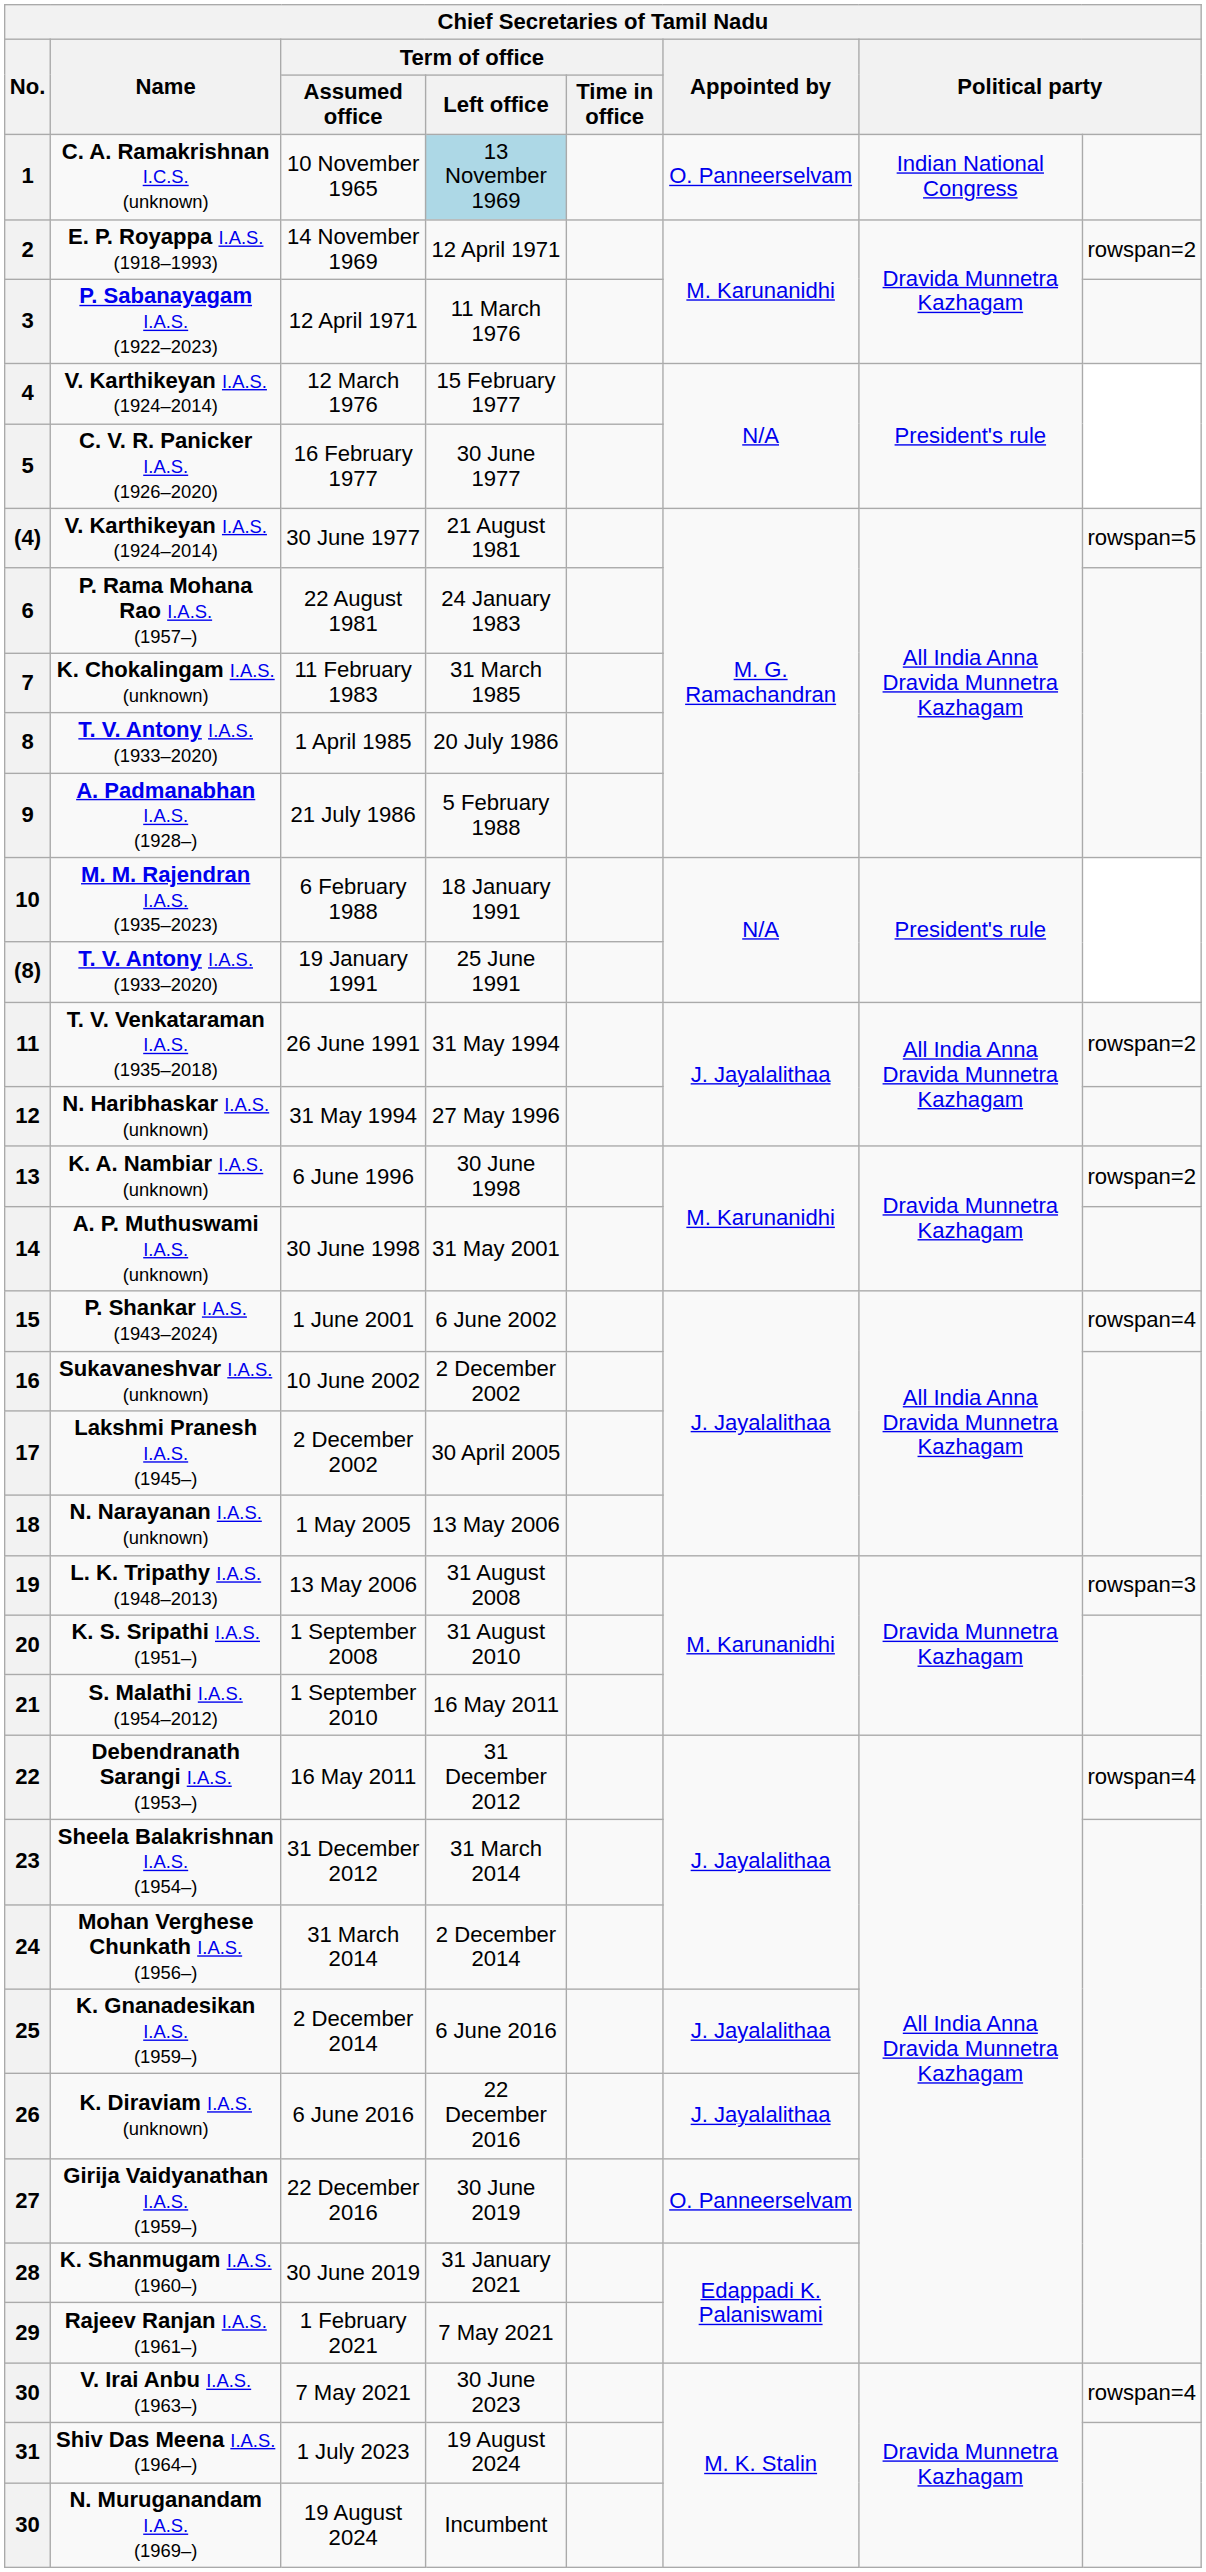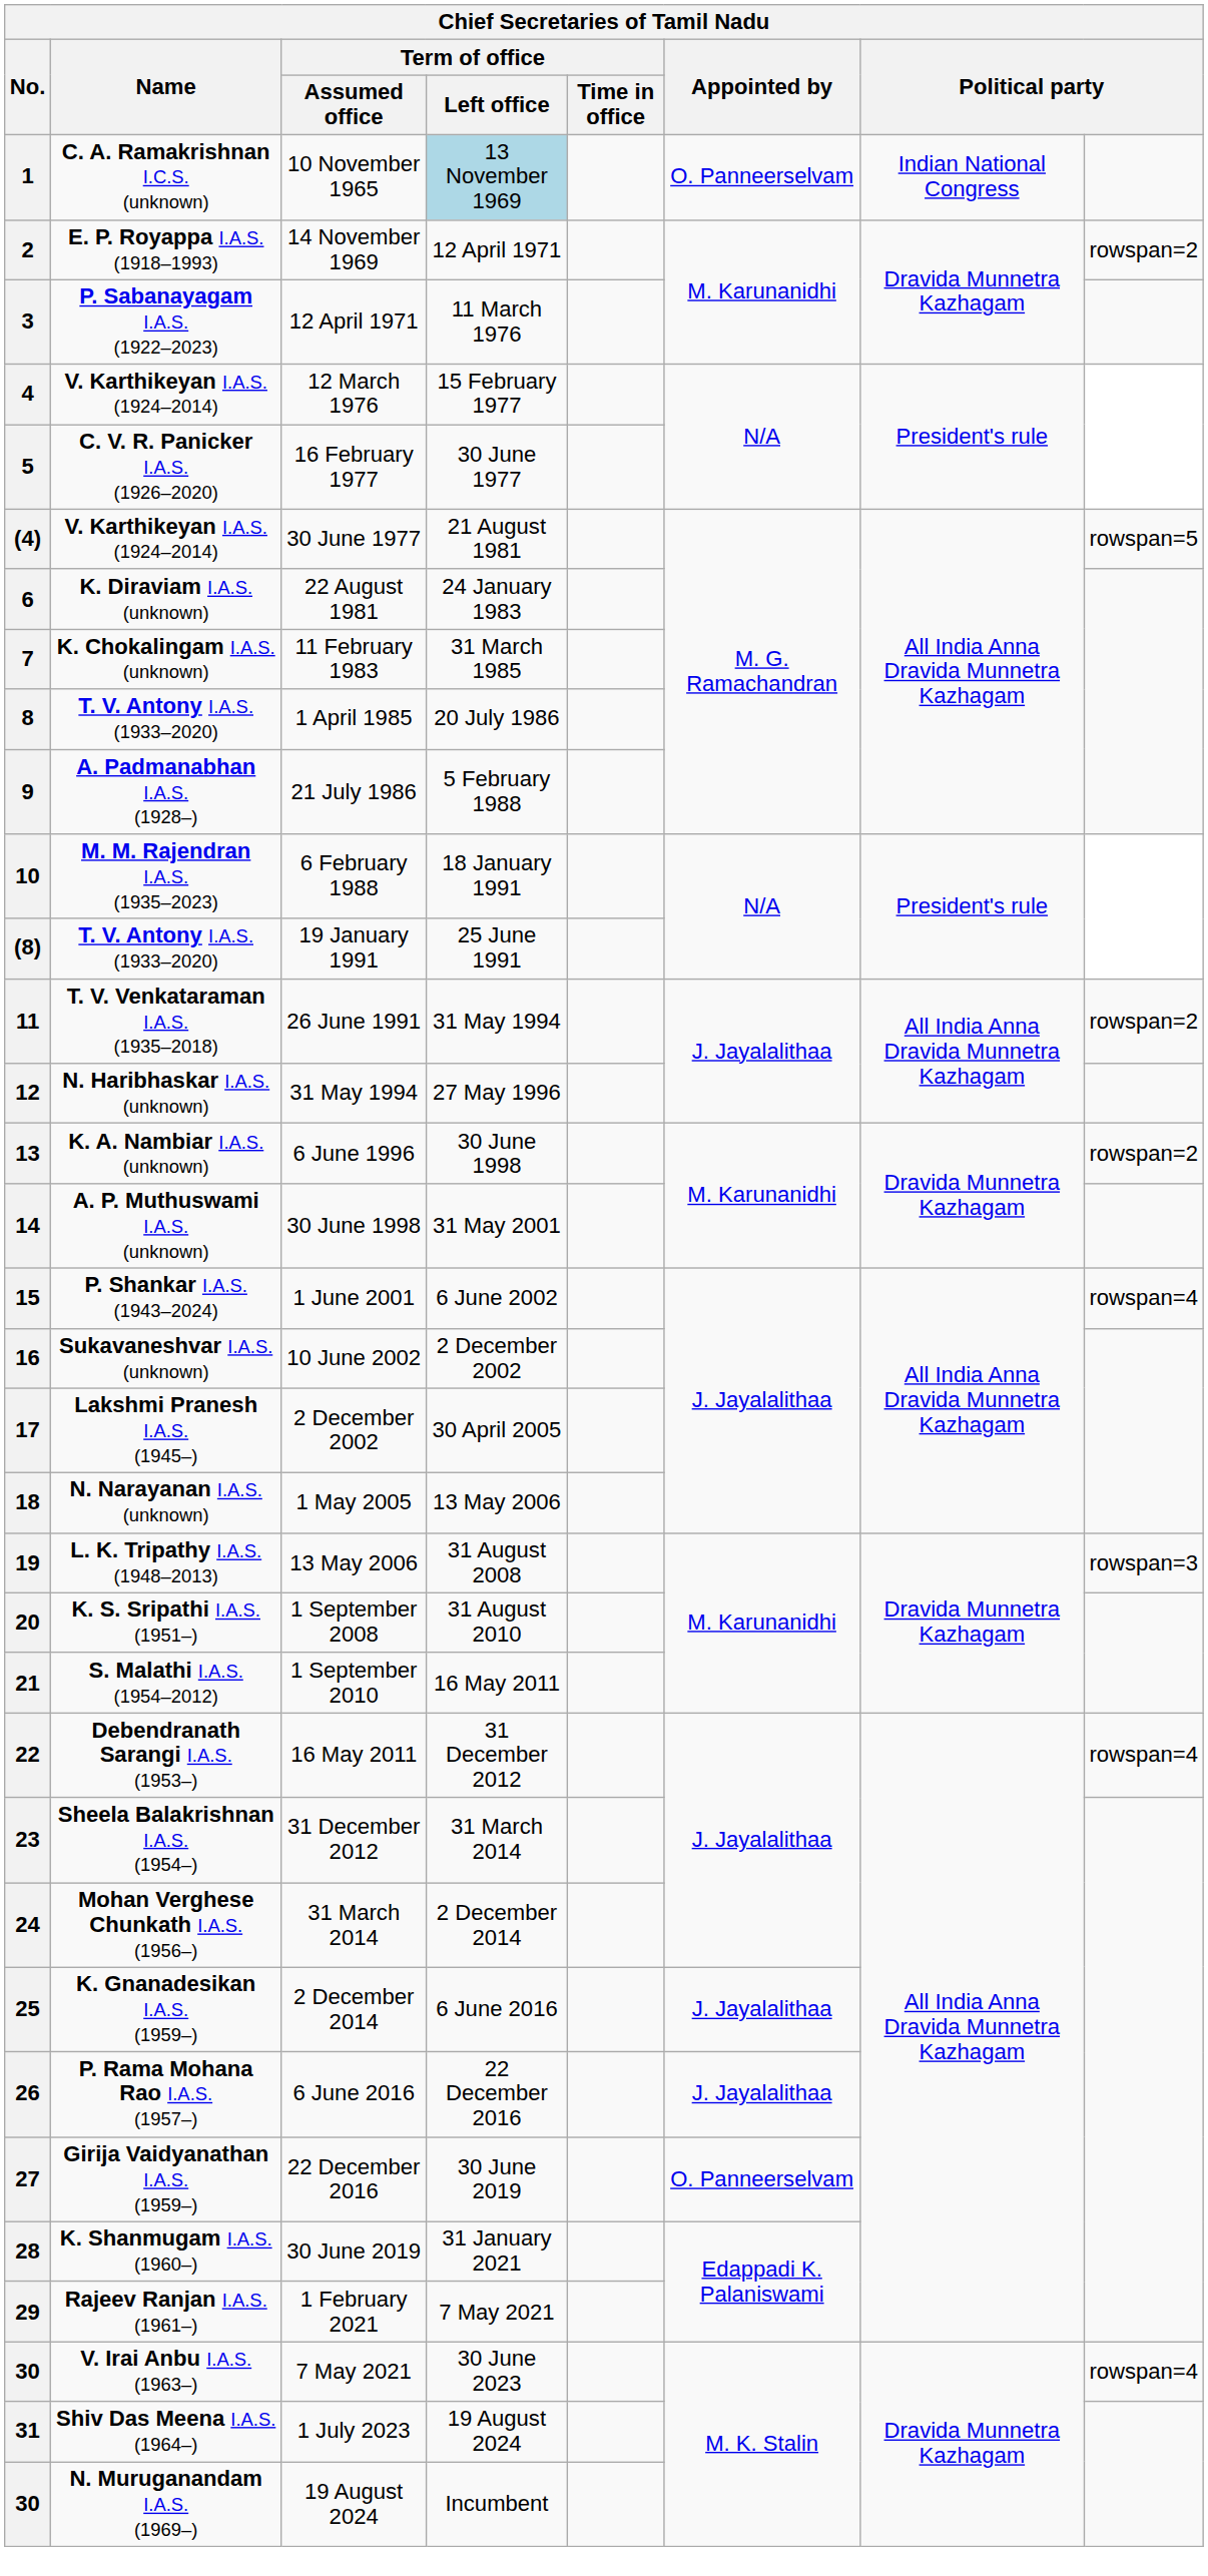 <table class="wikitable sortable" style="text-align:center;">
 <tr>
 <th colspan=12><strong>Chief Secretaries of Tamil Nadu</strong></th>
 </tr>
 <tr>
 <th rowspan=2>No.</th>
 <th rowspan=2>Name<br><small></small></th>
 <th colspan=3>Term of office</th>
 <th rowspan=2>Appointed by</th>
 <th rowspan=2 colspan=2>Political party</th>
 </tr>
 <tr>
 <th>Assumed office</th>
 <th>Left office</th>
 <th>Time in office</th>
 </tr>
 <tr>
 <th>1</th>
 <td><strong>C. A. Ramakrishnan</strong> <small><a href='#'>I.C.S.</a></small><br><small>(unknown)</small></td>
 <td>10 November 1965</td>
 <td style="background: lightblue;">13 November 1969</td>
 <td></td>
 <td><a href='#'>O. Panneerselvam</a></td>
 <td><a href='#'>Indian National Congress</a></td>
 <td></td>
 </tr>
 <tr>
 <th>2</th>
 <td><strong>E. P. Royappa</strong> <small><a href='#'>I.A.S.</a></small><br><small>(1918–1993)</small></td>
 <td>14 November 1969</td>
 <td>12 April 1971</td>
 <td></td>
 <td rowspan=2><a href='#'>M. Karunanidhi</a></td>
 <td rowspan=2><a href='#'>Dravida Munnetra Kazhagam</a></td>
 <td>rowspan=2 </td>
 </tr>
 <tr>
 <th>3</th>
 <td><strong><a href='#'>P. Sabanayagam</a></strong> <small><a href='#'>I.A.S.</a></small><br><small>(1922–2023)</small></td>
 <td>12 April 1971</td>
 <td>11 March 1976</td>
 <td></td>
 </tr>
 <tr>
 <th>4</th>
 <td><strong>V. Karthikeyan</strong> <small><a href='#'>I.A.S.</a></small><br><small>(1924–2014)</small></td>
 <td>12 March 1976</td>
 <td>15 February 1977</td>
 <td></td>
 <td rowspan=2><a href='#'>N/A</a></td>
 <td rowspan=2><a href='#'>President's rule</a></td>
 <td rowspan=2 style="background:white;"></td>
 </tr>
 <tr>
 <th>5</th>
 <td><strong>C. V. R. Panicker</strong> <small><a href='#'>I.A.S.</a></small><br><small>(1926–2020)</small></td>
 <td>16 February 1977</td>
 <td>30 June 1977</td>
 <td></td>
 </tr>
 <tr>
 <th>(4)</th>
 <td><strong>V. Karthikeyan</strong> <small><a href='#'>I.A.S.</a></small><br><small>(1924–2014)</small></td>
 <td>30 June 1977</td>
 <td>21 August 1981</td>
 <td></td>
 <td rowspan=5><a href='#'>M. G. Ramachandran</a></td>
 <td rowspan=5><a href='#'>All India Anna Dravida Munnetra Kazhagam</a></td>
 <td>rowspan=5 </td>
 </tr>
 <tr>
 <th>6</th>
-<td><strong>P. Rama Mohana Rao</strong> <small><a href='#'>I.A.S.</a></small><br><small>(1957–)</small></td>
+<td><strong>K. Diraviam</strong> <small><a href='#'>I.A.S.</a></small><br><small>(unknown)</small></td>
 <td>22 August 1981</td>
 <td>24 January 1983</td>
 <td></td>
 </tr>
 <tr>
 <th>7</th>
 <td><strong>K. Chokalingam</strong> <small><a href='#'>I.A.S.</a></small><br><small>(unknown)</small></td>
 <td>11 February 1983</td>
 <td>31 March 1985</td>
 <td></td>
 </tr>
 <tr>
 <th>8</th>
 <td><strong><a href='#'>T. V. Antony</a></strong> <small><a href='#'>I.A.S.</a></small><br><small>(1933–2020)</small></td>
 <td>1 April 1985</td>
 <td>20 July 1986</td>
 <td></td>
 </tr>
 <tr>
 <th>9</th>
 <td><strong><a href='#'>A. Padmanabhan</a></strong> <small><a href='#'>I.A.S.</a></small><br><small>(1928–)</small></td>
 <td>21 July 1986</td>
 <td>5 February 1988</td>
 <td></td>
 </tr>
 <tr>
 <th>10</th>
 <td><strong><a href='#'>M. M. Rajendran</a></strong> <small><a href='#'>I.A.S.</a></small><br><small>(1935–2023)</small></td>
 <td>6 February 1988</td>
 <td>18 January 1991</td>
 <td></td>
 <td rowspan=2><a href='#'>N/A</a></td>
 <td rowspan=2><a href='#'>President's rule</a></td>
 <td rowspan=2 style="background:white;"></td>
 </tr>
 <tr>
 <th>(8)</th>
 <td><strong><a href='#'>T. V. Antony</a></strong> <small><a href='#'>I.A.S.</a></small><br><small>(1933–2020)</small></td>
 <td>19 January 1991</td>
 <td>25 June 1991</td>
 <td></td>
 </tr>
 <tr>
 <th>11</th>
 <td><strong>T. V. Venkataraman</strong> <small><a href='#'>I.A.S.</a></small><br><small>(1935–2018)</small></td>
 <td>26 June 1991</td>
 <td>31 May 1994</td>
 <td></td>
 <td rowspan=2><a href='#'>J. Jayalalithaa</a></td>
 <td rowspan=2><a href='#'>All India Anna Dravida Munnetra Kazhagam</a></td>
 <td>rowspan=2 </td>
 </tr>
 <tr>
 <th>12</th>
 <td><strong>N. Haribhaskar</strong> <small><a href='#'>I.A.S.</a></small><br><small>(unknown)</small></td>
 <td>31 May 1994</td>
 <td>27 May 1996</td>
 <td></td>
 </tr>
 <tr>
 <th>13</th>
 <td><strong>K. A. Nambiar</strong> <small><a href='#'>I.A.S.</a></small><br><small>(unknown)</small></td>
 <td>6 June 1996</td>
 <td>30 June 1998</td>
 <td></td>
 <td rowspan=2><a href='#'>M. Karunanidhi</a></td>
 <td rowspan=2><a href='#'>Dravida Munnetra Kazhagam</a></td>
 <td>rowspan=2 </td>
 </tr>
 <tr>
 <th>14</th>
 <td><strong>A. P. Muthuswami</strong> <small><a href='#'>I.A.S.</a></small><br><small>(unknown)</small></td>
 <td>30 June 1998</td>
 <td>31 May 2001</td>
 <td></td>
 </tr>
 <tr>
 <th>15</th>
 <td><strong>P. Shankar</strong> <small><a href='#'>I.A.S.</a></small><br><small>(1943–2024)</small></td>
 <td>1 June 2001</td>
 <td>6 June 2002</td>
 <td></td>
 <td rowspan=4><a href='#'>J. Jayalalithaa</a></td>
 <td rowspan=4><a href='#'>All India Anna Dravida Munnetra Kazhagam</a></td>
 <td>rowspan=4 </td>
 </tr>
 <tr>
 <th>16</th>
 <td><strong>Sukavaneshvar</strong> <small><a href='#'>I.A.S.</a></small><br><small>(unknown)</small></td>
 <td>10 June 2002</td>
 <td>2 December 2002</td>
 <td></td>
 </tr>
 <tr>
 <th>17</th>
 <td><strong>Lakshmi Pranesh</strong> <small><a href='#'>I.A.S.</a></small><br><small>(1945–)</small></td>
 <td>2 December 2002</td>
 <td>30 April 2005</td>
 <td></td>
 </tr>
 <tr>
 <th>18</th>
 <td><strong>N. Narayanan</strong> <small><a href='#'>I.A.S.</a></small><br><small>(unknown)</small></td>
 <td>1 May 2005</td>
 <td>13 May 2006</td>
 <td></td>
 </tr>
 <tr>
 <th>19</th>
 <td><strong>L. K. Tripathy</strong> <small><a href='#'>I.A.S.</a></small><br><small>(1948–2013)</small></td>
 <td>13 May 2006</td>
 <td>31 August 2008</td>
 <td></td>
 <td rowspan=3><a href='#'>M. Karunanidhi</a></td>
 <td rowspan=3><a href='#'>Dravida Munnetra Kazhagam</a></td>
 <td>rowspan=3 </td>
 </tr>
 <tr>
 <th>20</th>
 <td><strong>K. S. Sripathi</strong> <small><a href='#'>I.A.S.</a></small><br><small>(1951–)</small></td>
 <td>1 September 2008</td>
 <td>31 August 2010</td>
 <td></td>
 </tr>
 <tr>
 <th>21</th>
 <td><strong>S. Malathi</strong> <small><a href='#'>I.A.S.</a></small><br><small>(1954–2012)</small></td>
 <td>1 September 2010</td>
 <td>16 May 2011</td>
 <td></td>
 </tr>
 <tr>
 <th>22</th>
 <td><strong>Debendranath Sarangi</strong> <small><a href='#'>I.A.S.</a></small><br><small>(1953–)</small></td>
 <td>16 May 2011</td>
 <td>31 December 2012</td>
 <td></td>
 <td rowspan=3><a href='#'>J. Jayalalithaa</a></td>
 <td rowspan=8><a href='#'>All India Anna Dravida Munnetra Kazhagam</a></td>
 <td>rowspan=4 </td>
 </tr>
 <tr>
 <th>23</th>
 <td><strong>Sheela Balakrishnan</strong> <small><a href='#'>I.A.S.</a></small><br><small>(1954–)</small></td>
 <td>31 December 2012</td>
 <td>31 March 2014</td>
 <td></td>
 </tr>
 <tr>
 <th>24</th>
 <td><strong>Mohan Verghese Chunkath</strong> <small><a href='#'>I.A.S.</a></small><br><small>(1956–)</small></td>
 <td>31 March 2014</td>
 <td>2 December 2014</td>
 <td></td>
 </tr>
 <tr>
 <th>25</th>
 <td><strong>K. Gnanadesikan</strong> <small><a href='#'>I.A.S.</a></small><br><small>(1959–)</small></td>
 <td>2 December 2014</td>
 <td>6 June 2016</td>
 <td></td>
 <td><a href='#'>J. Jayalalithaa</a></td>
 </tr>
 <tr>
 <th>26</th>
-<td><strong>K. Diraviam</strong> <small><a href='#'>I.A.S.</a></small><br><small>(unknown)</small></td>
+<td><strong>P. Rama Mohana Rao</strong> <small><a href='#'>I.A.S.</a></small><br><small>(1957–)</small></td>
 <td>6 June 2016</td>
 <td>22 December 2016</td>
 <td></td>
 <td><a href='#'>J. Jayalalithaa</a></td>
 </tr>
 <tr>
 <th>27</th>
 <td><strong>Girija Vaidyanathan</strong> <small><a href='#'>I.A.S.</a></small><br><small>(1959–)</small></td>
 <td>22 December 2016</td>
 <td>30 June 2019</td>
 <td></td>
 <td><a href='#'>O. Panneerselvam</a></td>
 </tr>
 <tr>
 <th>28</th>
 <td><strong>K. Shanmugam</strong> <small><a href='#'>I.A.S.</a></small><br><small>(1960–)</small></td>
 <td>30 June 2019</td>
 <td>31 January 2021</td>
 <td></td>
 <td rowspan=2><a href='#'>Edappadi K. Palaniswami</a></td>
 </tr>
 <tr>
 <th>29</th>
 <td><strong>Rajeev Ranjan</strong> <small><a href='#'>I.A.S.</a></small><br><small>(1961–)</small></td>
 <td>1 February 2021</td>
 <td>7 May 2021</td>
 <td></td>
 </tr>
 <tr>
 <th>30</th>
 <td><strong>V. Irai Anbu</strong> <small><a href='#'>I.A.S.</a></small><br><small>(1963–)</small></td>
 <td>7 May 2021</td>
 <td>30 June 2023</td>
 <td></td>
 <td rowspan=3><a href='#'>M. K. Stalin</a></td>
 <td rowspan=3><a href='#'>Dravida Munnetra Kazhagam</a></td>
 <td>rowspan=4 </td>
 </tr>
 <tr>
 <th>31</th>
 <td><strong>Shiv Das Meena</strong> <small><a href='#'>I.A.S.</a></small><br><small>(1964–)</small></td>
 <td>1 July 2023</td>
 <td>19 August 2024</td>
 <td></td>
 </tr>
 <tr>
 <th>30</th>
 <td><strong>N. Muruganandam</strong> <small><a href='#'>I.A.S.</a></small><br><small>(1969–)</small></td>
 <td>19 August 2024</td>
 <td>Incumbent</td>
 <td></td>
 </tr>
 </table>
